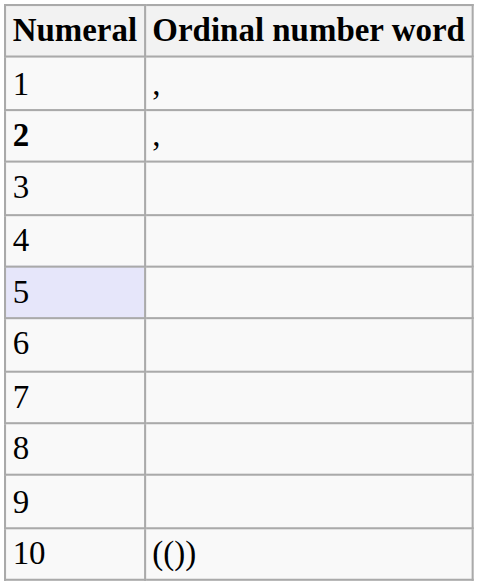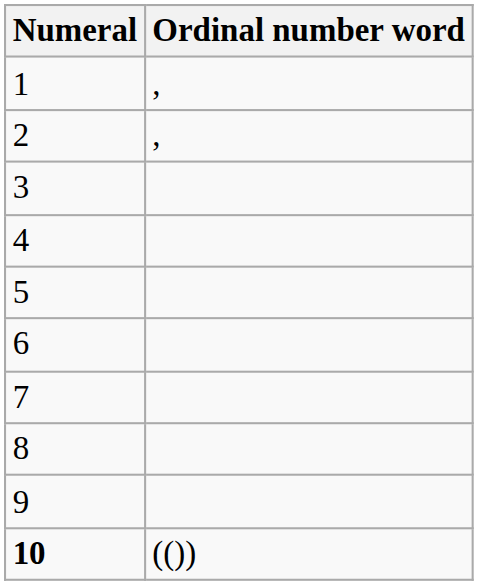 <table class="wikitable">
 <tr>
 <th>Numeral</th>
 <th>Ordinal number word</th>
 </tr>
 <tr>
 <td>1</td>
 <td>, </td>
 </tr>
 <tr>
-<td><strong>2</strong></td>
+<td>2</td>
 <td>, </td>
 </tr>
 <tr>
 <td>3</td>
 <td></td>
 </tr>
 <tr>
 <td>4</td>
 <td></td>
 </tr>
 <tr>
-<td style="background: lavender;">5</td>
+<td>5</td>
 <td></td>
 </tr>
 <tr>
 <td>6</td>
 <td></td>
 </tr>
 <tr>
 <td>7</td>
 <td></td>
 </tr>
 <tr>
 <td>8</td>
 <td></td>
 </tr>
 <tr>
 <td>9</td>
 <td></td>
 </tr>
 <tr>
-<td>10</td>
+<td><strong>10</strong></td>
 <td>(())</td>
 </tr>
 </table>
